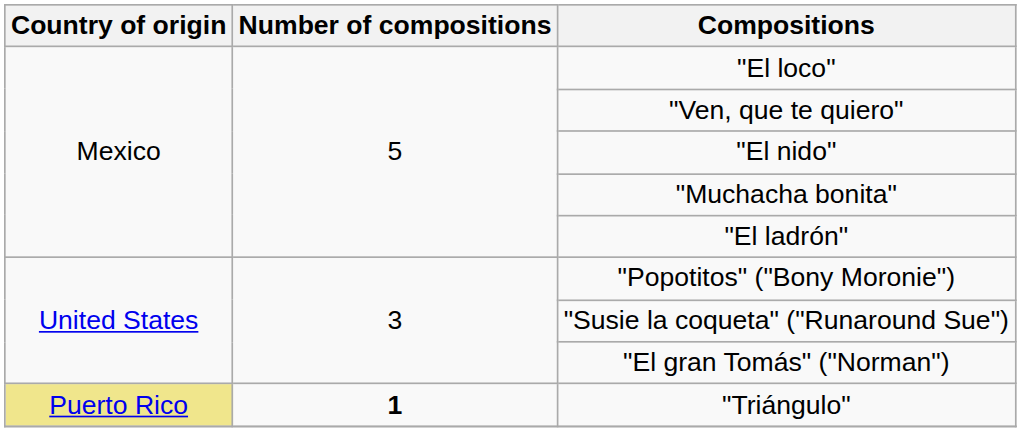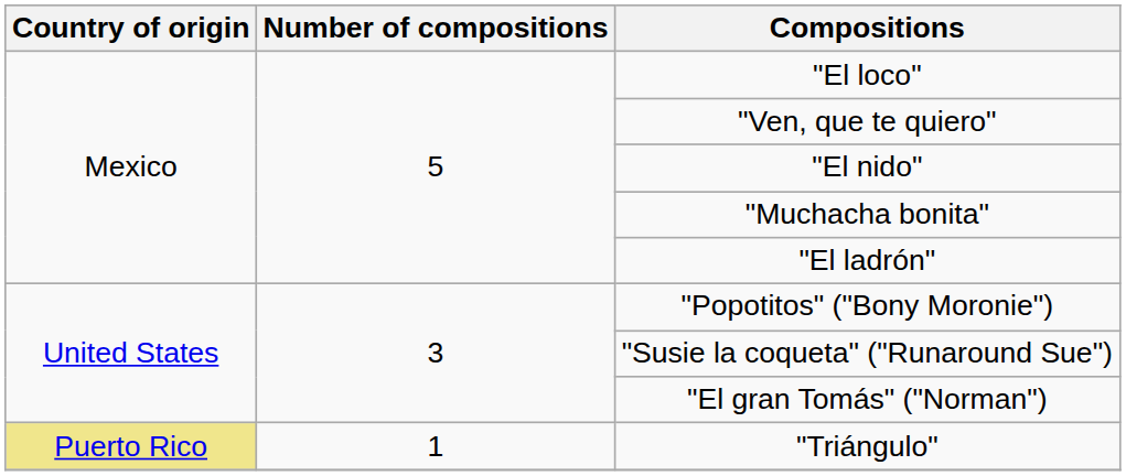 <table class="wikitable">
 <tr>
 <th>Country of origin</th>
 <th>Number of compositions</th>
 <th>Compositions</th>
 </tr>
 <tr>
 <td align="center" rowspan="5">Mexico</td>
 <td align="center" rowspan="5">5</td>
 <td align="center">"El loco"</td>
 </tr>
 <tr>
 <td align="center">"Ven, que te quiero"</td>
 </tr>
 <tr>
 <td align="center">"El nido"</td>
 </tr>
 <tr>
 <td align="center">"Muchacha bonita"</td>
 </tr>
 <tr>
 <td align="center">"El ladrón"</td>
 </tr>
 <tr>
 <td align="center" rowspan="3"><a href='#'>United States</a></td>
 <td align="center" rowspan="3">3</td>
 <td align="center">"Popotitos" ("Bony Moronie")</td>
 </tr>
 <tr>
 <td align="center">"Susie la coqueta" ("Runaround Sue")</td>
 </tr>
 <tr>
 <td align="center">"El gran Tomás" ("Norman")</td>
 </tr>
 <tr>
 <td align="center" style="background: khaki;"><a href='#'>Puerto Rico</a></td>
-<td align="center"><strong>1</strong></td>
+<td align="center">1</td>
 <td align="center">"Triángulo"</td>
 </tr>
 <tr>
 </tr>
 </table>
